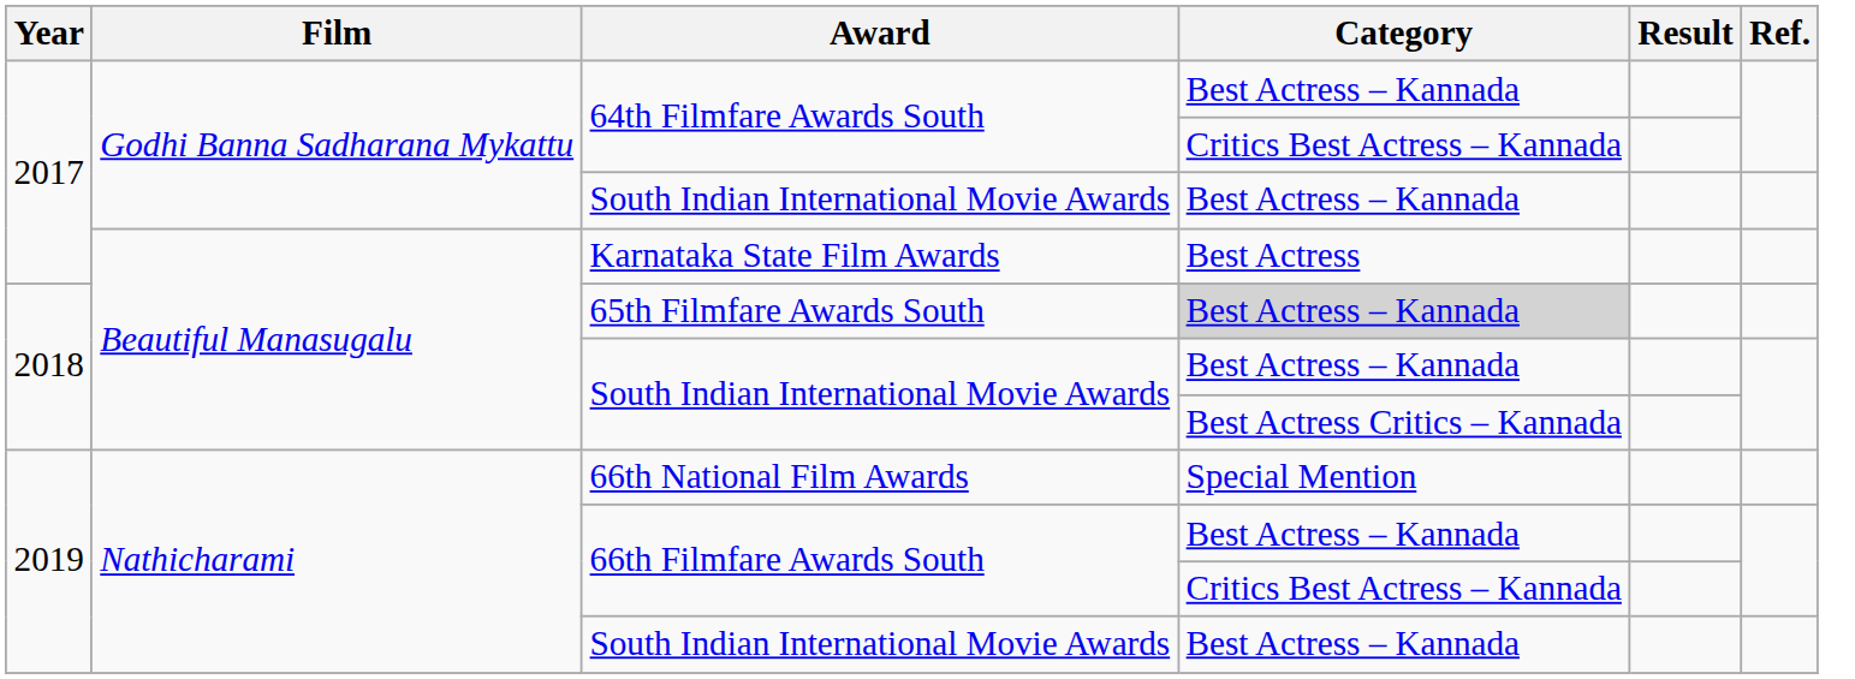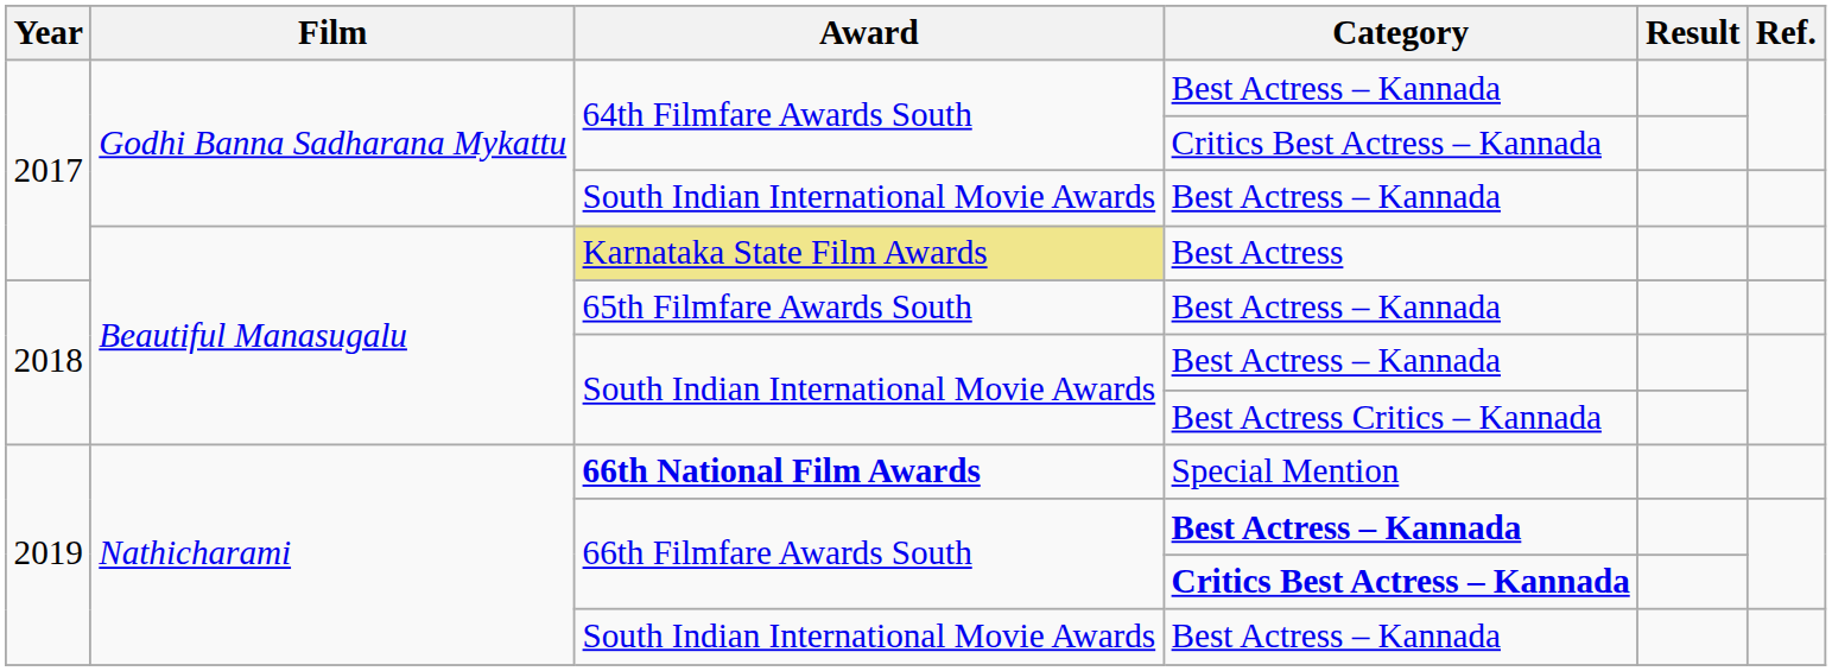 <table class="wikitable">
 <tr>
 <th>Year</th>
 <th>Film</th>
 <th>Award</th>
 <th>Category</th>
 <th>Result</th>
 <th>Ref.</th>
 </tr>
 <tr>
 <td rowspan="4">2017</td>
 <td rowspan="3"><em><a href='#'>Godhi Banna Sadharana Mykattu</a></em></td>
 <td rowspan="2"><a href='#'>64th Filmfare Awards South</a></td>
 <td><a href='#'>Best Actress – Kannada</a></td>
 <td></td>
 <td rowspan="2"></td>
 </tr>
 <tr>
 <td><a href='#'>Critics Best Actress – Kannada</a></td>
 <td></td>
 </tr>
 <tr>
 <td><a href='#'>South Indian International Movie Awards</a></td>
 <td><a href='#'>Best Actress – Kannada</a></td>
 <td></td>
 <td></td>
 </tr>
 <tr>
 <td rowspan="4"><em><a href='#'>Beautiful Manasugalu</a></em></td>
-<td><a href='#'>Karnataka State Film Awards</a></td>
+<td style="background: khaki;"><a href='#'>Karnataka State Film Awards</a></td>
 <td><a href='#'>Best Actress</a></td>
 <td></td>
 <td></td>
 </tr>
 <tr>
 <td rowspan="3">2018</td>
 <td><a href='#'>65th Filmfare Awards South</a></td>
-<td style="background: lightgrey;"><a href='#'>Best Actress – Kannada</a></td>
+<td><a href='#'>Best Actress – Kannada</a></td>
 <td></td>
 <td></td>
 </tr>
 <tr>
 <td rowspan="2"><a href='#'>South Indian International Movie Awards</a></td>
 <td><a href='#'>Best Actress – Kannada</a></td>
 <td></td>
 <td rowspan="2"></td>
 </tr>
 <tr>
 <td><a href='#'>Best Actress Critics – Kannada</a></td>
 <td></td>
 </tr>
 <tr>
 <td rowspan="4">2019</td>
 <td rowspan="4"><em><a href='#'>Nathicharami</a></em></td>
-<td><a href='#'>66th National Film Awards</a></td>
+<td><strong><a href='#'>66th National Film Awards</a></strong></td>
 <td><a href='#'>Special Mention</a></td>
 <td></td>
 <td></td>
 </tr>
 <tr>
 <td rowspan="2"><a href='#'>66th Filmfare Awards South</a></td>
-<td><a href='#'>Best Actress – Kannada</a></td>
+<td><strong><a href='#'>Best Actress – Kannada</a></strong></td>
 <td></td>
 <td rowspan="2"></td>
 </tr>
 <tr>
-<td><a href='#'>Critics Best Actress – Kannada</a></td>
+<td><strong><a href='#'>Critics Best Actress – Kannada</a></strong></td>
 <td></td>
 </tr>
 <tr>
 <td><a href='#'>South Indian International Movie Awards</a></td>
 <td><a href='#'>Best Actress – Kannada</a></td>
 <td></td>
 <td></td>
 </tr>
 </table>
